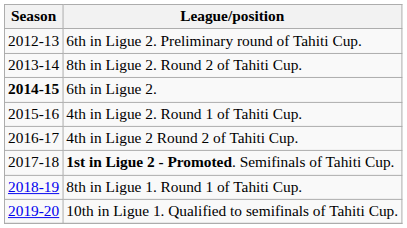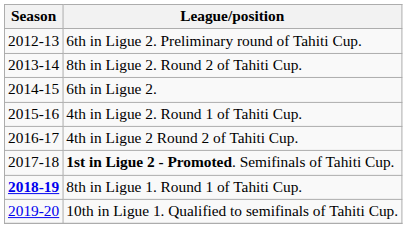 <table class="wikitable sortable">
 <tr>
 <th>Season</th>
 <th>League/position</th>
 </tr>
 <tr>
 <td>2012-13</td>
 <td>6th in Ligue 2. Preliminary round of Tahiti Cup.</td>
 </tr>
 <tr>
 <td>2013-14</td>
 <td>8th in Ligue 2. Round 2 of Tahiti Cup.</td>
 </tr>
 <tr>
-<td><strong>2014-15</strong></td>
+<td>2014-15</td>
 <td>6th in Ligue 2.</td>
 </tr>
 <tr>
 <td>2015-16</td>
 <td>4th in Ligue 2. Round 1 of Tahiti Cup.</td>
 </tr>
 <tr>
 <td>2016-17</td>
 <td>4th in Ligue 2 Round 2 of Tahiti Cup.</td>
 </tr>
 <tr>
 <td>2017-18</td>
 <td><strong>1st in Ligue 2 - Promoted</strong>. Semifinals of Tahiti Cup.</td>
 </tr>
 <tr>
-<td><a href='#'>2018-19</a></td>
+<td><strong><a href='#'>2018-19</a></strong></td>
 <td>8th in Ligue 1. Round 1 of Tahiti Cup.</td>
 </tr>
 <tr>
 <td><a href='#'>2019-20</a></td>
 <td>10th in Ligue 1. Qualified to semifinals of Tahiti Cup.</td>
 </tr>
 <tr>
 </tr>
 </table>
